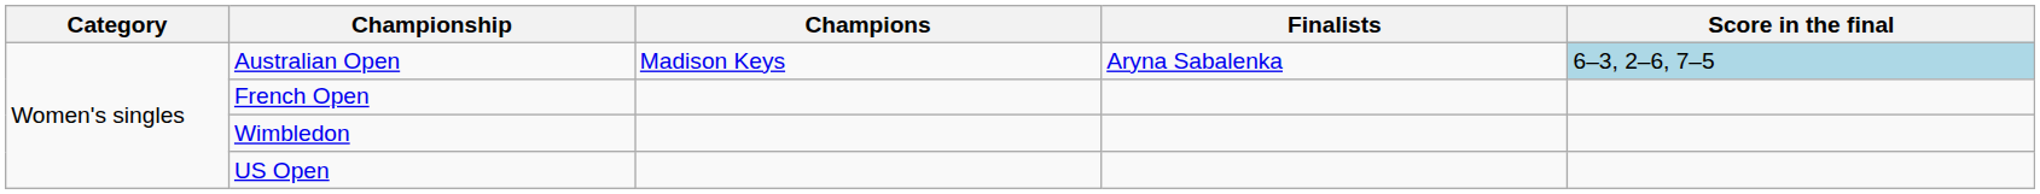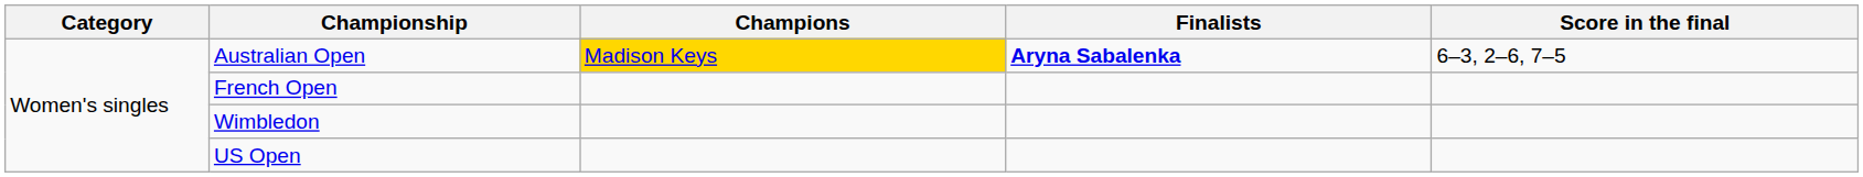 <table class="wikitable" style="font-size:90%;" width="100%">
 <tr>
 <th style="width: 11%;">Category</th>
 <th style="width: 20%;">Championship</th>
 <th style="width: 23%;">Champions</th>
 <th style="width: 23%;">Finalists</th>
 <th style="width: 23%;">Score in the final</th>
 </tr>
 <tr>
 <td rowspan="4">Women's singles</td>
 <td><a href='#'>Australian Open</a></td>
-<td> <a href='#'>Madison Keys</a></td>
-<td> <a href='#'>Aryna Sabalenka</a></td>
-<td style="background: lightblue;">6–3, 2–6, 7–5</td>
+<td style="background: gold;"> <a href='#'>Madison Keys</a></td>
+<td><strong> <a href='#'>Aryna Sabalenka</a></strong></td>
+<td>6–3, 2–6, 7–5</td>
 </tr>
 <tr>
 <td><a href='#'>French Open</a></td>
 <td></td>
 <td></td>
 <td></td>
 </tr>
 <tr>
 <td><a href='#'>Wimbledon</a></td>
 <td></td>
 <td></td>
 <td></td>
 </tr>
 <tr>
 <td><a href='#'>US Open</a></td>
 <td></td>
 <td></td>
 <td></td>
 </tr>
 </table>
